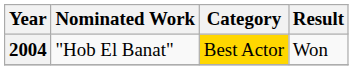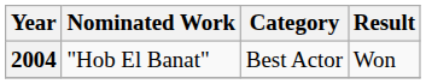 <table class="wikitable plainrowheaders sortable">
 <tr>
 <th scope="col">Year</th>
 <th scope="col">Nominated Work</th>
 <th scope="col">Category</th>
 <th scope="col">Result</th>
 </tr>
 <tr>
 <th style="text-align:center;">2004</th>
 <td>"Hob El Banat"</td>
-<td style="background: gold;">Best Actor</td>
+<td>Best Actor</td>
 <td>Won</td>
 </tr>
 <tr>
 </tr>
 </table>
